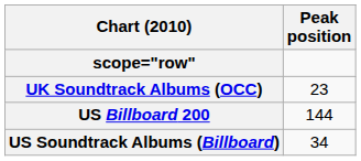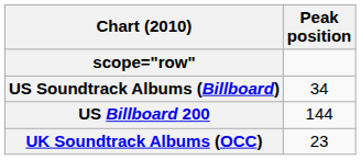 <table class="wikitable plainrowheaders sortable" style="text-align:center">
 <tr>
 <th>Chart (2010)</th>
 <th>Peak<br>position</th>
 </tr>
 <tr>
 <th>scope="row" </th>
 </tr>
 <tr>
-<th scope="row"><a href='#'>UK Soundtrack Albums</a> (<a href='#'>OCC</a>)</th>
-<td>23</td>
+<th scope="row">US Soundtrack Albums (<a href='#'><em>Billboard</em></a>)</th>
+<td>34</td>
 </tr>
 <tr>
 <th scope="row">US <a href='#'><em>Billboard</em> 200</a></th>
 <td>144</td>
 </tr>
 <tr>
-<th scope="row">US Soundtrack Albums (<a href='#'><em>Billboard</em></a>)</th>
-<td>34</td>
+<th scope="row"><a href='#'>UK Soundtrack Albums</a> (<a href='#'>OCC</a>)</th>
+<td>23</td>
 </tr>
 </table>
